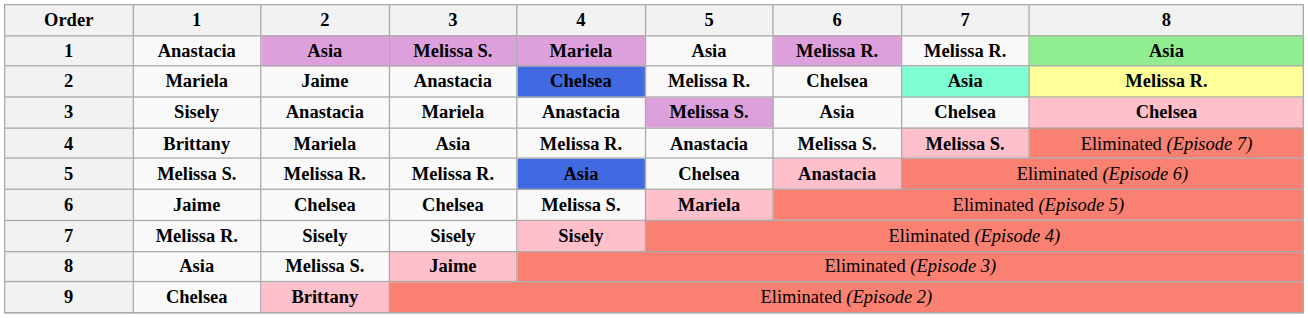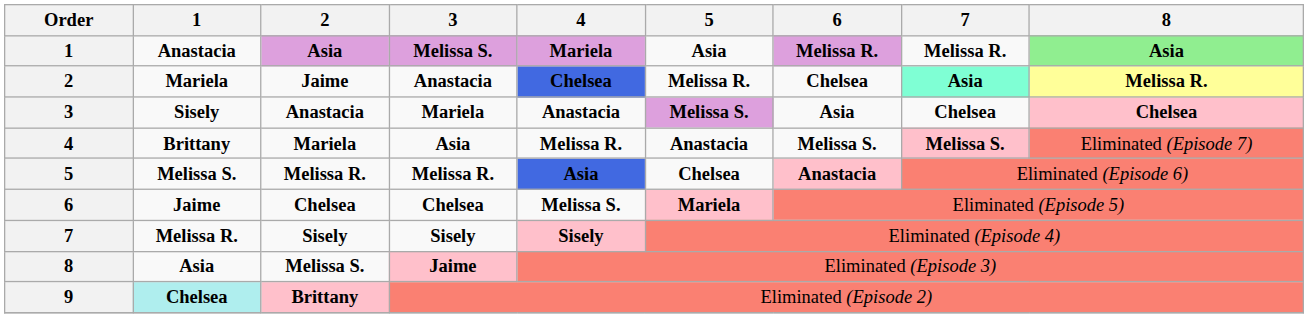 <table class="wikitable" style="text-align:center; font-size:89%">
 <tr>
 <th style="width:7%" rowspan="1" scope="col">Order</th>
 <th style="width:7%" rowspan="1" scope="col">1</th>
 <th style="width:7%" rowspan="1" scope="col">2</th>
 <th style="width:7%" rowspan="1" scope="col">3</th>
 <th style="width:7%" rowspan="1" scope="col">4</th>
 <th style="width:7%" rowspan="1" scope="col">5</th>
 <th style="width:7%" rowspan="1" scope="col">6</th>
 <th style="width:7%" rowspan="1" scope="col">7</th>
 <th style="width:15%" rowspan="1" scope="col">8</th>
 </tr>
 <tr>
 <th scope="row">1</th>
 <td><strong>Anastacia</strong></td>
 <td style="background:plum;"><strong>Asia</strong></td>
 <td style="background:plum;"><strong>Melissa S.</strong></td>
 <td style="background:plum;"><strong>Mariela</strong></td>
 <td><strong>Asia</strong></td>
 <td style="background:plum;"><strong>Melissa R.</strong></td>
 <td><strong>Melissa R.</strong></td>
 <td style="background:lightgreen;"><strong>Asia</strong></td>
 </tr>
 <tr>
 <th scope="row">2</th>
 <td><strong>Mariela</strong></td>
 <td><strong>Jaime</strong></td>
 <td><strong>Anastacia</strong></td>
 <td style="background:royalblue;"><strong>Chelsea</strong></td>
 <td><strong>Melissa R.</strong></td>
 <td><strong>Chelsea</strong></td>
 <td style="background:aquamarine;"><strong>Asia</strong></td>
 <td style="background:#ff9;"><strong>Melissa R.</strong></td>
 </tr>
 <tr>
 <th scope="row">3</th>
 <td><strong>Sisely</strong></td>
 <td><strong>Anastacia</strong></td>
 <td><strong>Mariela</strong></td>
 <td><strong>Anastacia</strong></td>
 <td style="background:plum;"><strong>Melissa S.</strong></td>
 <td><strong>Asia</strong></td>
 <td><strong>Chelsea</strong></td>
 <td style="background:pink;"><strong>Chelsea</strong></td>
 </tr>
 <tr>
 <th scope="row">4</th>
 <td><strong>Brittany</strong></td>
 <td><strong>Mariela</strong></td>
 <td><strong>Asia</strong></td>
 <td><strong>Melissa R.</strong></td>
 <td><strong>Anastacia</strong></td>
 <td><strong>Melissa S.</strong></td>
 <td style="background:pink;"><strong>Melissa S.</strong></td>
 <td colspan="1" style="background:salmon">Eliminated <em>(Episode 7)</em></td>
 </tr>
 <tr>
 <th scope="row">5</th>
 <td><strong>Melissa S.</strong></td>
 <td><strong>Melissa R.</strong></td>
 <td><strong>Melissa R.</strong></td>
 <td style="background:royalblue;"><strong>Asia</strong></td>
 <td><strong>Chelsea</strong></td>
 <td style="background:pink;"><strong>Anastacia</strong></td>
 <td colspan="2" style="background:salmon">Eliminated <em>(Episode 6)</em></td>
 </tr>
 <tr>
 <th scope="row">6</th>
 <td><strong>Jaime</strong></td>
 <td><strong>Chelsea</strong></td>
 <td><strong>Chelsea</strong></td>
 <td><strong>Melissa S.</strong></td>
 <td style="background:pink;"><strong>Mariela</strong></td>
 <td colspan="3" style="background:salmon">Eliminated <em>(Episode 5)</em></td>
 </tr>
 <tr>
 <th scope="row">7</th>
 <td><strong>Melissa R.</strong></td>
 <td><strong>Sisely</strong></td>
 <td><strong>Sisely</strong></td>
 <td style="background:pink;"><strong>Sisely</strong></td>
 <td colspan="4" style="background:salmon">Eliminated <em>(Episode 4)</em></td>
 </tr>
 <tr>
 <th scope="row">8</th>
 <td><strong>Asia</strong></td>
 <td><strong>Melissa S.</strong></td>
 <td style="background:pink;"><strong>Jaime</strong></td>
 <td colspan="5" style="background:salmon">Eliminated <em>(Episode 3)</em></td>
 </tr>
 <tr>
 <th scope="row">9</th>
-<td><strong>Chelsea</strong></td>
+<td style="background: paleturquoise;"><strong>Chelsea</strong></td>
 <td style="background:pink;"><strong>Brittany</strong></td>
 <td colspan="6" style="background:salmon">Eliminated <em>(Episode 2)</em></td>
 </tr>
 <tr>
 </tr>
 </table>
